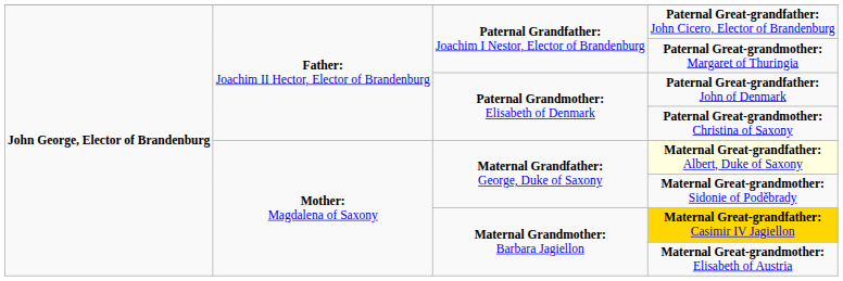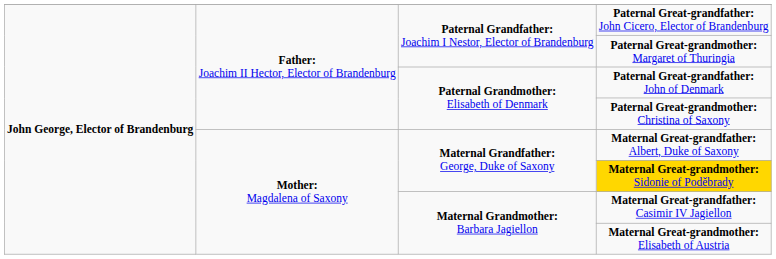 <table class="wikitable">
 <tr>
 </tr>
 <tr>
 <td rowspan="8" align="center"><strong>John George, Elector of Brandenburg</strong></td>
 <td rowspan="4" align="center"><strong>Father:</strong><br><a href='#'>Joachim II Hector, Elector of Brandenburg</a></td>
 <td rowspan="2" align="center"><strong>Paternal Grandfather:</strong><br><a href='#'>Joachim I Nestor, Elector of Brandenburg</a></td>
 <td align="center"><strong>Paternal Great-grandfather:</strong><br><a href='#'>John Cicero, Elector of Brandenburg</a></td>
 </tr>
 <tr>
 <td align="center"><strong>Paternal Great-grandmother:</strong><br><a href='#'>Margaret of Thuringia</a></td>
 </tr>
 <tr>
 <td rowspan="2" align="center"><strong>Paternal Grandmother:</strong><br><a href='#'>Elisabeth of Denmark</a></td>
 <td align="center"><strong>Paternal Great-grandfather:</strong><br><a href='#'>John of Denmark</a></td>
 </tr>
 <tr>
 <td align="center"><strong>Paternal Great-grandmother:</strong><br><a href='#'>Christina of Saxony</a></td>
 </tr>
 <tr>
 <td rowspan="4" align="center"><strong>Mother:</strong><br><a href='#'>Magdalena of Saxony</a></td>
 <td rowspan="2" align="center"><strong>Maternal Grandfather:</strong><br><a href='#'>George, Duke of Saxony</a></td>
-<td align="center" style="background: lightyellow;"><strong>Maternal Great-grandfather:</strong><br><a href='#'>Albert, Duke of Saxony</a></td>
+<td align="center"><strong>Maternal Great-grandfather:</strong><br><a href='#'>Albert, Duke of Saxony</a></td>
 </tr>
 <tr>
-<td align="center"><strong>Maternal Great-grandmother:</strong><br> <a href='#'>Sidonie of Poděbrady</a></td>
+<td align="center" style="background: gold;"><strong>Maternal Great-grandmother:</strong><br> <a href='#'>Sidonie of Poděbrady</a></td>
 </tr>
 <tr>
 <td rowspan="2" align="center"><strong>Maternal Grandmother:</strong><br><a href='#'>Barbara Jagiellon</a></td>
-<td align="center" style="background: gold;"><strong>Maternal Great-grandfather:</strong><br><a href='#'>Casimir IV Jagiellon</a></td>
+<td align="center"><strong>Maternal Great-grandfather:</strong><br><a href='#'>Casimir IV Jagiellon</a></td>
 </tr>
 <tr>
 <td align="center"><strong>Maternal Great-grandmother:</strong><br><a href='#'>Elisabeth of Austria</a></td>
 </tr>
 </table>
